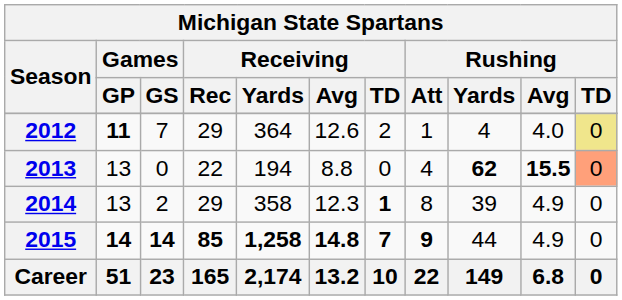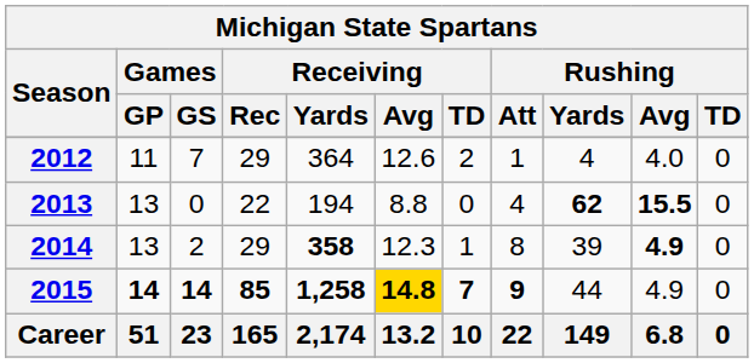 <table class="wikitable" style="text-align:center;">
 <tr>
 <th colspan="11">Michigan State Spartans</th>
 </tr>
 <tr>
 <th rowspan="2">Season</th>
 <th colspan="2">Games</th>
 <th colspan="4">Receiving</th>
 <th colspan="4">Rushing</th>
 </tr>
 <tr>
 <th>GP</th>
 <th>GS</th>
 <th>Rec</th>
 <th>Yards</th>
 <th>Avg</th>
 <th>TD</th>
 <th>Att</th>
 <th>Yards</th>
 <th>Avg</th>
 <th>TD</th>
 </tr>
 <tr>
 </tr>
 <tr>
 <th><a href='#'>2012</a></th>
-<td><strong>11</strong></td>
+<td>11</td>
 <td>7</td>
 <td>29</td>
 <td>364</td>
 <td>12.6</td>
 <td>2</td>
 <td>1</td>
 <td>4</td>
 <td>4.0</td>
-<td style="background: khaki;">0</td>
+<td>0</td>
 </tr>
 <tr>
 <th><a href='#'>2013</a></th>
 <td>13</td>
 <td>0</td>
 <td>22</td>
 <td>194</td>
 <td>8.8</td>
 <td>0</td>
 <td>4</td>
 <td><strong>62</strong></td>
 <td><strong>15.5</strong></td>
-<td style="background: lightsalmon;">0</td>
+<td>0</td>
 </tr>
 <tr>
 <th><a href='#'>2014</a></th>
 <td>13</td>
 <td>2</td>
 <td>29</td>
-<td>358</td>
+<td><strong>358</strong></td>
 <td>12.3</td>
-<td><strong>1</strong></td>
+<td>1</td>
 <td>8</td>
 <td>39</td>
-<td>4.9</td>
+<td><strong>4.9</strong></td>
 <td>0</td>
 </tr>
 <tr>
 <th><a href='#'>2015</a></th>
 <td><strong>14</strong></td>
 <td><strong>14</strong></td>
 <td><strong>85</strong></td>
 <td><strong>1,258</strong></td>
-<td><strong>14.8</strong></td>
+<td style="background: gold;"><strong>14.8</strong></td>
 <td><strong>7</strong></td>
 <td><strong>9</strong></td>
 <td>44</td>
 <td>4.9</td>
 <td>0</td>
 </tr>
 <tr>
 <th>Career</th>
 <th>51</th>
 <th>23</th>
 <th>165</th>
 <th>2,174</th>
 <th>13.2</th>
 <th>10</th>
 <th>22</th>
 <th>149</th>
 <th>6.8</th>
 <th>0</th>
 </tr>
 </table>
